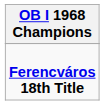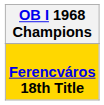 <table class="wikitable" style="text-align: center; margin: 0 auto;">
 <tr>
 <th><a href='#'>OB I</a> 1968<br>Champions</th>
 </tr>
 <tr>
 </tr>
 <tr>
-<td> <br><strong><a href='#'>Ferencváros</a></strong><br><strong>18th Title</strong></td>
+<td style="background: gold;"> <br><strong><a href='#'>Ferencváros</a></strong><br><strong>18th Title</strong></td>
 </tr>
 </table>
